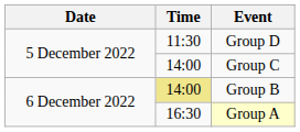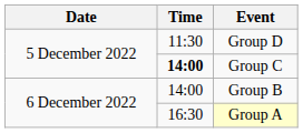 <table class = "wikitable" style="text-align:center;">
 <tr>
 <th width=150>Date</th>
 <th width=50>Time</th>
 <th width=80>Event</th>
 </tr>
 <tr>
 <td rowspan=2>5 December 2022</td>
 <td>11:30</td>
 <td>Group D</td>
 </tr>
 <tr>
-<td>14:00</td>
+<td><strong>14:00</strong></td>
 <td>Group C</td>
 </tr>
 <tr>
 <td rowspan=2>6 December 2022</td>
-<td style="background: khaki;">14:00</td>
+<td>14:00</td>
 <td>Group B</td>
 </tr>
 <tr>
 <td>16:30</td>
 <td bgcolor=ffffcc>Group A</td>
 </tr>
 </table>
